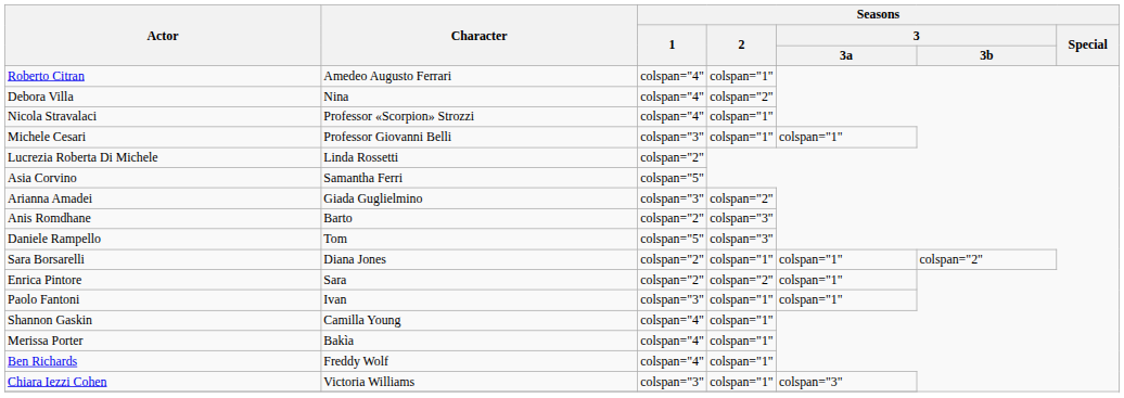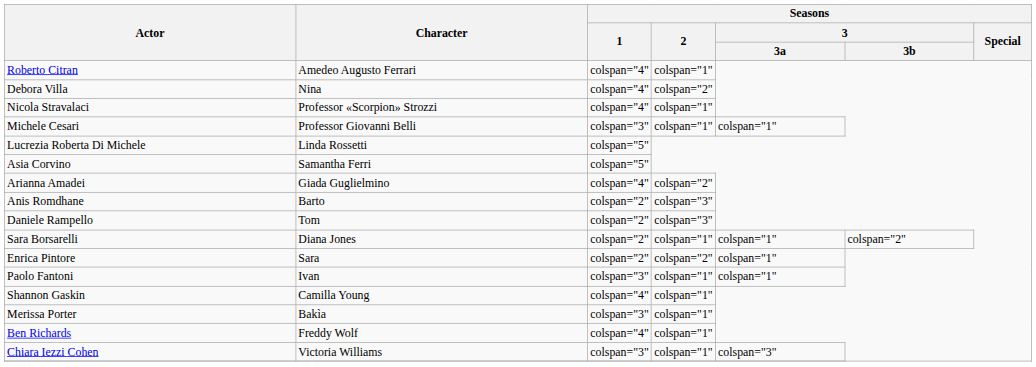 <table class="wikitable" width="70%">
 <tr>
 <th rowspan="3">Actor</th>
 <th rowspan="3">Character</th>
 <th colspan="5">Seasons</th>
 </tr>
 <tr>
 <th rowspan="2" style="width:70px;">1</th>
 <th rowspan="2" style="width:70px;">2</th>
 <th colspan="2" style="width:70px;">3</th>
 <th rowspan="2" style="width:70px;">Special</th>
 </tr>
 <tr>
 <th>3a</th>
 <th>3b</th>
 </tr>
 <tr>
 <td><a href='#'>Roberto Citran</a></td>
 <td>Amedeo Augusto Ferrari</td>
 <td>colspan="4" </td>
 <td>colspan="1" </td>
 </tr>
 <tr>
 <td>Debora Villa</td>
 <td>Nina</td>
 <td>colspan="4" </td>
 <td>colspan="2" </td>
 </tr>
 <tr>
 <td>Nicola Stravalaci</td>
 <td>Professor «Scorpion» Strozzi</td>
 <td>colspan="4" </td>
 <td>colspan="1" </td>
 </tr>
 <tr>
 <td>Michele Cesari</td>
 <td>Professor Giovanni Belli</td>
 <td>colspan="3" </td>
 <td>colspan="1" </td>
 <td>colspan="1" </td>
 </tr>
 <tr>
 <td>Lucrezia Roberta Di Michele</td>
 <td>Linda Rossetti</td>
-<td>colspan="2" </td>
+<td>colspan="5" </td>
 </tr>
 <tr>
 <td>Asia Corvino</td>
 <td>Samantha Ferri</td>
 <td>colspan="5" </td>
 </tr>
 <tr>
 <td>Arianna Amadei</td>
 <td>Giada Guglielmino</td>
-<td>colspan="3" </td>
+<td>colspan="4" </td>
 <td>colspan="2" </td>
 </tr>
 <tr>
 <td>Anis Romdhane</td>
 <td>Barto</td>
 <td>colspan="2" </td>
 <td>colspan="3" </td>
 </tr>
 <tr>
 <td>Daniele Rampello</td>
 <td>Tom</td>
-<td>colspan="5" </td>
+<td>colspan="2" </td>
 <td>colspan="3" </td>
 </tr>
 <tr>
 <td>Sara Borsarelli</td>
 <td>Diana Jones</td>
 <td>colspan="2" </td>
 <td>colspan="1" </td>
 <td>colspan="1" </td>
 <td>colspan="2" </td>
 </tr>
 <tr>
 <td>Enrica Pintore</td>
 <td>Sara</td>
 <td>colspan="2" </td>
 <td>colspan="2" </td>
 <td>colspan="1" </td>
 </tr>
 <tr>
 <td>Paolo Fantoni</td>
 <td>Ivan</td>
 <td>colspan="3" </td>
 <td>colspan="1" </td>
 <td>colspan="1" </td>
 </tr>
 <tr>
 <td>Shannon Gaskin</td>
 <td>Camilla Young</td>
 <td>colspan="4" </td>
 <td>colspan="1" </td>
 </tr>
 <tr>
 <td>Merissa Porter</td>
 <td>Bakìa</td>
-<td>colspan="4" </td>
+<td>colspan="3" </td>
 <td>colspan="1" </td>
 </tr>
 <tr>
 <td><a href='#'>Ben Richards</a></td>
 <td>Freddy Wolf</td>
 <td>colspan="4" </td>
 <td>colspan="1" </td>
 </tr>
 <tr>
 <td><a href='#'>Chiara Iezzi Cohen</a></td>
 <td>Victoria Williams</td>
 <td>colspan="3" </td>
 <td>colspan="1" </td>
 <td>colspan="3" </td>
 </tr>
 <tr>
 </tr>
 </table>
